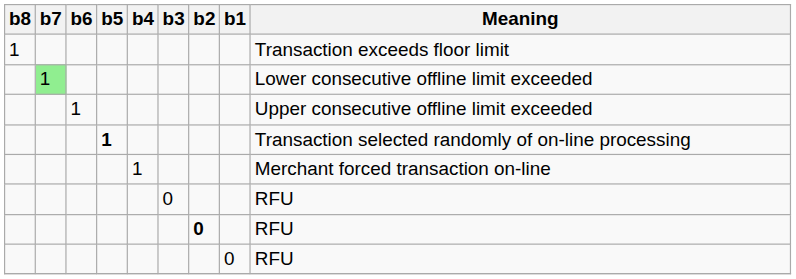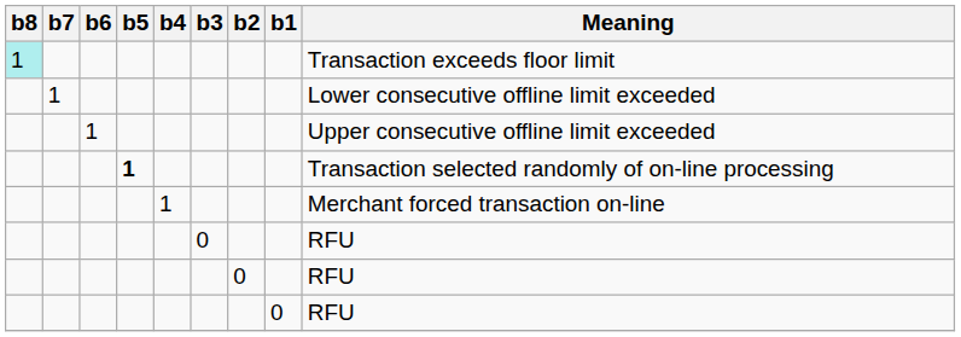 <table class="wikitable">
 <tr>
 <th>b8</th>
 <th>b7</th>
 <th>b6</th>
 <th>b5</th>
 <th>b4</th>
 <th>b3</th>
 <th>b2</th>
 <th>b1</th>
 <th width="450pt">Meaning</th>
 </tr>
 <tr>
-<td>1</td>
+<td style="background: paleturquoise;">1</td>
 <td></td>
 <td></td>
 <td></td>
 <td></td>
 <td></td>
 <td></td>
 <td></td>
 <td>Transaction exceeds floor limit</td>
 </tr>
 <tr>
 <td></td>
-<td style="background: lightgreen;">1</td>
+<td>1</td>
 <td></td>
 <td></td>
 <td></td>
 <td></td>
 <td></td>
 <td></td>
 <td>Lower consecutive offline limit exceeded</td>
 </tr>
 <tr>
 <td></td>
 <td></td>
 <td>1</td>
 <td></td>
 <td></td>
 <td></td>
 <td></td>
 <td></td>
 <td>Upper consecutive offline limit exceeded</td>
 </tr>
 <tr>
 <td></td>
 <td></td>
 <td></td>
 <td><strong>1</strong></td>
 <td></td>
 <td></td>
 <td></td>
 <td></td>
 <td>Transaction selected randomly of on-line processing</td>
 </tr>
 <tr>
 <td></td>
 <td></td>
 <td></td>
 <td></td>
 <td>1</td>
 <td></td>
 <td></td>
 <td></td>
 <td>Merchant forced transaction on-line</td>
 </tr>
 <tr>
 <td></td>
 <td></td>
 <td></td>
 <td></td>
 <td></td>
 <td>0</td>
 <td></td>
 <td></td>
 <td>RFU</td>
 </tr>
 <tr>
 <td></td>
 <td></td>
 <td></td>
 <td></td>
 <td></td>
 <td></td>
-<td><strong>0</strong></td>
+<td>0</td>
 <td></td>
 <td>RFU</td>
 </tr>
 <tr>
 <td></td>
 <td></td>
 <td></td>
 <td></td>
 <td></td>
 <td></td>
 <td></td>
 <td>0</td>
 <td>RFU</td>
 </tr>
 <tr>
 </tr>
 </table>
